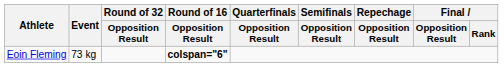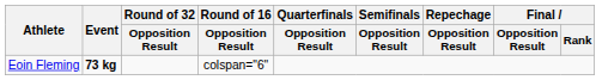 <table class="wikitable" style="font-size:90%">
 <tr>
 <th rowspan=2>Athlete</th>
 <th rowspan=2>Event</th>
 <th>Round of 32</th>
 <th>Round of 16</th>
 <th>Quarterfinals</th>
 <th>Semifinals</th>
 <th>Repechage</th>
 <th colspan=2>Final / </th>
 </tr>
 <tr style="font-size:95%">
 <th>Opposition<br>Result</th>
 <th>Opposition<br>Result</th>
 <th>Opposition<br>Result</th>
 <th>Opposition<br>Result</th>
 <th>Opposition<br>Result</th>
 <th>Opposition<br>Result</th>
 <th>Rank</th>
 </tr>
 <tr align=center>
 <td align=left><a href='#'>Eoin Fleming</a></td>
-<td align=left>73 kg</td>
+<td align=left><strong>73 kg</strong></td>
 <td></td>
-<td><strong>colspan="6" </strong></td>
+<td>colspan="6" </td>
 </tr>
 </table>
